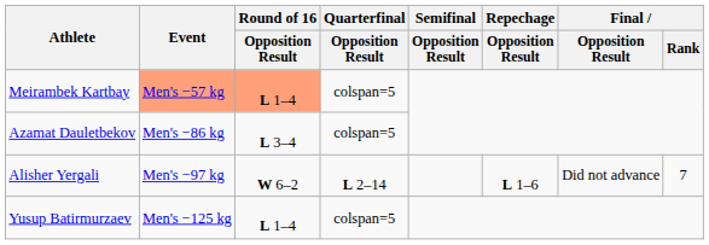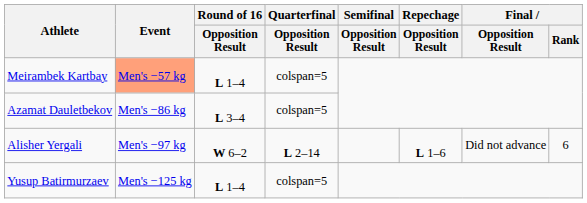 <table class="wikitable" style="font-size:90%">
 <tr>
 <th rowspan=2>Athlete</th>
 <th rowspan=2>Event</th>
 <th>Round of 16</th>
 <th>Quarterfinal</th>
 <th>Semifinal</th>
 <th>Repechage</th>
 <th colspan=2>Final / </th>
 </tr>
 <tr style="font-size: 95%">
 <th>Opposition<br>Result</th>
 <th>Opposition<br>Result</th>
 <th>Opposition<br>Result</th>
 <th>Opposition<br>Result</th>
 <th>Opposition<br>Result</th>
 <th>Rank</th>
 </tr>
 <tr align=center>
 <td align=left><a href='#'>Meirambek Kartbay</a></td>
 <td align=left style="background: lightsalmon;"><a href='#'>Men's −57 kg</a></td>
-<td style="background: lightsalmon;"><br> <strong>L</strong> 1–4</td>
+<td><br> <strong>L</strong> 1–4</td>
 <td>colspan=5 </td>
 </tr>
 <tr align=center>
 <td align=left><a href='#'>Azamat Dauletbekov</a></td>
 <td align=left><a href='#'>Men's −86 kg</a></td>
 <td><br> <strong>L</strong> 3–4</td>
 <td>colspan=5 </td>
 </tr>
 <tr align=center>
 <td align=left><a href='#'>Alisher Yergali</a></td>
 <td align=left><a href='#'>Men's −97 kg</a></td>
 <td><br> <strong>W</strong> 6–2</td>
 <td><br> <strong>L</strong> 2–14</td>
 <td></td>
 <td><br> <strong>L</strong> 1–6</td>
 <td colspan=1>Did not advance</td>
-<td>7</td>
+<td>6</td>
 </tr>
 <tr align=center>
 <td align=left><a href='#'>Yusup Batirmurzaev</a></td>
 <td align=left><a href='#'>Men's −125 kg</a></td>
 <td><br> <strong>L</strong> 1–4</td>
 <td>colspan=5 </td>
 </tr>
 </table>
